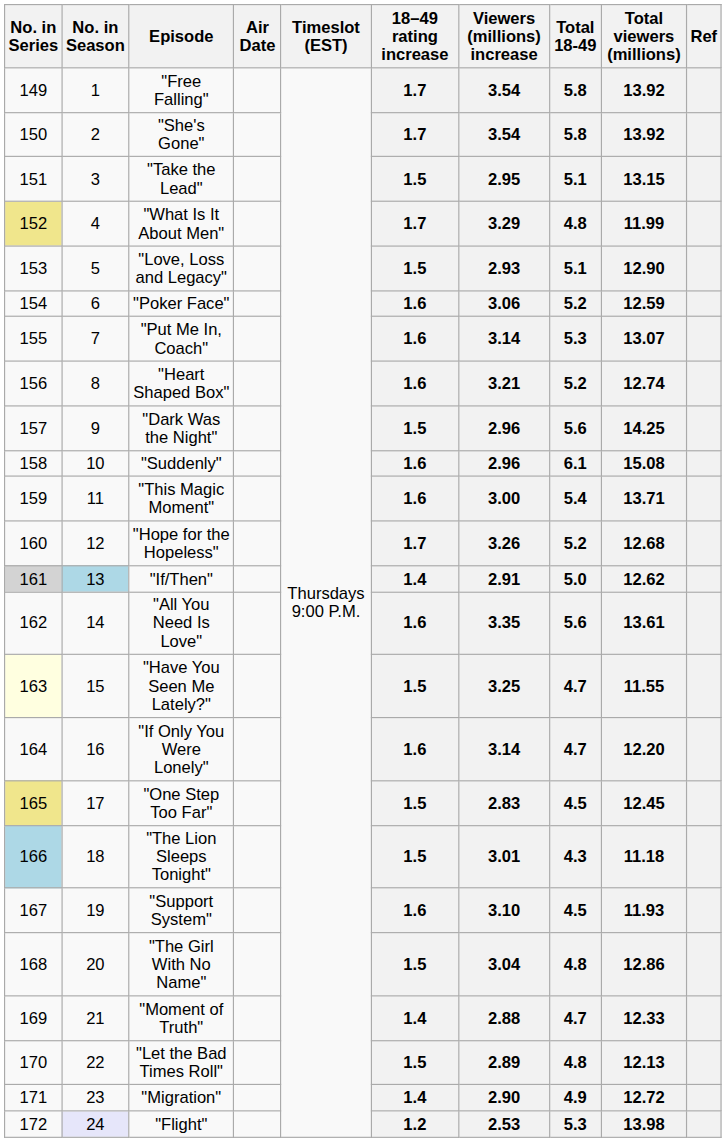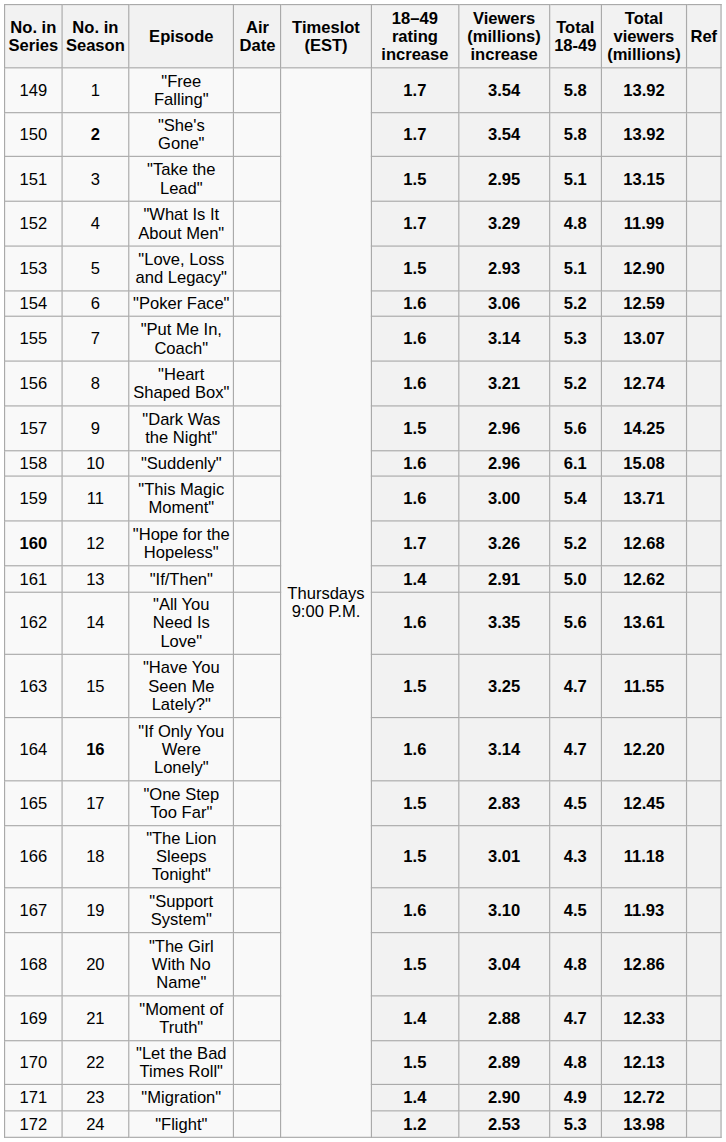 <table class="wikitable" style="font-size:90%; text-align:center; width: 100%; margin-left: auto; margin-right: auto;">
 <tr>
 <th>No. in<br>Series</th>
 <th>No. in<br>Season</th>
 <th>Episode</th>
 <th>Air Date</th>
 <th>Timeslot (EST)</th>
 <th>18–49 rating increase</th>
 <th>Viewers<br>(millions) increase</th>
 <th>Total 18-49</th>
 <th>Total viewers<br>(millions)</th>
 <th>Ref</th>
 </tr>
 <tr>
 <td style="text-align:center">149</td>
 <td style="text-align:center">1</td>
 <td>"Free Falling"</td>
 <td></td>
 <td style="text-align:center" rowspan=24>Thursdays<br>9:00 P.M.</td>
 <th style="text-align:center">1.7</th>
 <th style="text-align:center">3.54</th>
 <th style="text-align:center">5.8</th>
 <th style="text-align:center">13.92</th>
 <th style="text-align:center"></th>
 </tr>
 <tr>
 <td style="text-align:center">150</td>
-<td style="text-align:center">2</td>
+<td style="text-align:center"><strong>2</strong></td>
 <td>"She's Gone"</td>
 <td></td>
 <th style="text-align:center">1.7</th>
 <th style="text-align:center">3.54</th>
 <th style="text-align:center">5.8</th>
 <th style="text-align:center">13.92</th>
 <th style="text-align:center"></th>
 </tr>
 <tr>
 <td style="text-align:center">151</td>
 <td style="text-align:center">3</td>
 <td>"Take the Lead"</td>
 <td></td>
 <th style="text-align:center">1.5</th>
 <th style="text-align:center">2.95</th>
 <th style="text-align:center">5.1</th>
 <th style="text-align:center">13.15</th>
 <th style="text-align:center"></th>
 </tr>
 <tr>
-<td style="background: khaki; text-align:center">152</td>
+<td style="text-align:center">152</td>
 <td style="text-align:center">4</td>
 <td>"What Is It About Men"</td>
 <td></td>
 <th style="text-align:center">1.7</th>
 <th style="text-align:center">3.29</th>
 <th style="text-align:center">4.8</th>
 <th style="text-align:center">11.99</th>
 <th style="text-align:center"></th>
 </tr>
 <tr>
 <td style="text-align:center">153</td>
 <td style="text-align:center">5</td>
 <td>"Love, Loss and Legacy"</td>
 <td></td>
 <th style="text-align:center">1.5</th>
 <th style="text-align:center">2.93</th>
 <th style="text-align:center">5.1</th>
 <th style="text-align:center">12.90</th>
 <th style="text-align:center"></th>
 </tr>
 <tr>
 <td style="text-align:center">154</td>
 <td style="text-align:center">6</td>
 <td>"Poker Face"</td>
 <td></td>
 <th style="text-align:center">1.6</th>
 <th style="text-align:center">3.06</th>
 <th style="text-align:center">5.2</th>
 <th style="text-align:center">12.59</th>
 <th style="text-align:center"></th>
 </tr>
 <tr>
 <td style="text-align:center">155</td>
 <td style="text-align:center">7</td>
 <td>"Put Me In, Coach"</td>
 <td></td>
 <th style="text-align:center">1.6</th>
 <th style="text-align:center">3.14</th>
 <th style="text-align:center">5.3</th>
 <th style="text-align:center">13.07</th>
 <th style="text-align:center"></th>
 </tr>
 <tr>
 <td style="text-align:center">156</td>
 <td style="text-align:center">8</td>
 <td>"Heart Shaped Box"</td>
 <td></td>
 <th style="text-align:center">1.6</th>
 <th style="text-align:center">3.21</th>
 <th style="text-align:center">5.2</th>
 <th style="text-align:center">12.74</th>
 <th style="text-align:center"></th>
 </tr>
 <tr>
 <td style="text-align:center">157</td>
 <td style="text-align:center">9</td>
 <td>"Dark Was the Night"</td>
 <td></td>
 <th style="text-align:center">1.5</th>
 <th style="text-align:center">2.96</th>
 <th style="text-align:center">5.6</th>
 <th style="text-align:center">14.25</th>
 <th style="text-align:center"></th>
 </tr>
 <tr>
 <td style="text-align:center">158</td>
 <td style="text-align:center">10</td>
 <td>"Suddenly"</td>
 <td></td>
 <th style="text-align:center">1.6</th>
 <th style="text-align:center">2.96</th>
 <th style="text-align:center">6.1</th>
 <th style="text-align:center">15.08</th>
 <th style="text-align:center"></th>
 </tr>
 <tr>
 <td style="text-align:center">159</td>
 <td style="text-align:center">11</td>
 <td>"This Magic Moment"</td>
 <td></td>
 <th style="text-align:center">1.6</th>
 <th style="text-align:center">3.00</th>
 <th style="text-align:center">5.4</th>
 <th style="text-align:center">13.71</th>
 <th style="text-align:center"></th>
 </tr>
 <tr>
-<td style="text-align:center">160</td>
+<td style="text-align:center"><strong>160</strong></td>
 <td style="text-align:center">12</td>
 <td>"Hope for the Hopeless"</td>
 <td></td>
 <th style="text-align:center">1.7</th>
 <th style="text-align:center">3.26</th>
 <th style="text-align:center">5.2</th>
 <th style="text-align:center">12.68</th>
 <th style="text-align:center"></th>
 </tr>
 <tr>
-<td style="background: lightgrey; text-align:center">161</td>
-<td style="background: lightblue; text-align:center">13</td>
+<td style="text-align:center">161</td>
+<td style="text-align:center">13</td>
 <td>"If/Then"</td>
 <td></td>
 <th style="text-align:center">1.4</th>
 <th style="text-align:center">2.91</th>
 <th style="text-align:center">5.0</th>
 <th style="text-align:center">12.62</th>
 <th style="text-align:center"></th>
 </tr>
 <tr>
 <td style="text-align:center">162</td>
 <td style="text-align:center">14</td>
 <td>"All You Need Is Love"</td>
 <td></td>
 <th style="text-align:center">1.6</th>
 <th style="text-align:center">3.35</th>
 <th style="text-align:center">5.6</th>
 <th style="text-align:center">13.61</th>
 <th style="text-align:center"></th>
 </tr>
 <tr>
-<td style="background: lightyellow; text-align:center">163</td>
+<td style="text-align:center">163</td>
 <td style="text-align:center">15</td>
 <td>"Have You Seen Me Lately?"</td>
 <td></td>
 <th style="text-align:center">1.5</th>
 <th style="text-align:center">3.25</th>
 <th style="text-align:center">4.7</th>
 <th style="text-align:center">11.55</th>
 <th style="text-align:center"></th>
 </tr>
 <tr>
 <td style="text-align:center">164</td>
-<td style="text-align:center">16</td>
+<td style="text-align:center"><strong>16</strong></td>
 <td>"If Only You Were Lonely"</td>
 <td></td>
 <th style="text-align:center">1.6</th>
 <th style="text-align:center">3.14</th>
 <th style="text-align:center">4.7</th>
 <th style="text-align:center">12.20</th>
 <th style="text-align:center"></th>
 </tr>
 <tr>
-<td style="background: khaki; text-align:center">165</td>
+<td style="text-align:center">165</td>
 <td style="text-align:center">17</td>
 <td>"One Step Too Far"</td>
 <td></td>
 <th style="text-align:center">1.5</th>
 <th style="text-align:center">2.83</th>
 <th style="text-align:center">4.5</th>
 <th style="text-align:center">12.45</th>
 <th style="text-align:center"></th>
 </tr>
 <tr>
-<td style="background: lightblue; text-align:center">166</td>
+<td style="text-align:center">166</td>
 <td style="text-align:center">18</td>
 <td>"The Lion Sleeps Tonight"</td>
 <td></td>
 <th style="text-align:center">1.5</th>
 <th style="text-align:center">3.01</th>
 <th style="text-align:center">4.3</th>
 <th style="text-align:center">11.18</th>
 <th style="text-align:center"></th>
 </tr>
 <tr>
 <td style="text-align:center">167</td>
 <td style="text-align:center">19</td>
 <td>"Support System"</td>
 <td></td>
 <th style="text-align:center">1.6</th>
 <th style="text-align:center">3.10</th>
 <th style="text-align:center">4.5</th>
 <th style="text-align:center">11.93</th>
 <th style="text-align:center"></th>
 </tr>
 <tr>
 <td style="text-align:center">168</td>
 <td style="text-align:center">20</td>
 <td>"The Girl With No Name"</td>
 <td></td>
 <th style="text-align:center">1.5</th>
 <th style="text-align:center">3.04</th>
 <th style="text-align:center">4.8</th>
 <th style="text-align:center">12.86</th>
 <th style="text-align:center"></th>
 </tr>
 <tr>
 <td style="text-align:center">169</td>
 <td style="text-align:center">21</td>
 <td>"Moment of Truth"</td>
 <td></td>
 <th style="text-align:center">1.4</th>
 <th style="text-align:center">2.88</th>
 <th style="text-align:center">4.7</th>
 <th style="text-align:center">12.33</th>
 <th style="text-align:center"></th>
 </tr>
 <tr>
 <td style="text-align:center">170</td>
 <td style="text-align:center">22</td>
 <td>"Let the Bad Times Roll"</td>
 <td></td>
 <th style="text-align:center">1.5</th>
 <th style="text-align:center">2.89</th>
 <th style="text-align:center">4.8</th>
 <th style="text-align:center">12.13</th>
 <th style="text-align:center"></th>
 </tr>
 <tr>
 <td style="text-align:center">171</td>
 <td style="text-align:center">23</td>
 <td>"Migration"</td>
 <td></td>
 <th style="text-align:center">1.4</th>
 <th style="text-align:center">2.90</th>
 <th style="text-align:center">4.9</th>
 <th style="text-align:center">12.72</th>
 <th style="text-align:center"></th>
 </tr>
 <tr>
 <td style="text-align:center">172</td>
-<td style="background: lavender; text-align:center">24</td>
+<td style="text-align:center">24</td>
 <td>"Flight"</td>
 <td></td>
 <th style="text-align:center">1.2</th>
 <th style="text-align:center">2.53</th>
 <th style="text-align:center">5.3</th>
 <th style="text-align:center">13.98</th>
 <th style="text-align:center"></th>
 </tr>
 </table>
